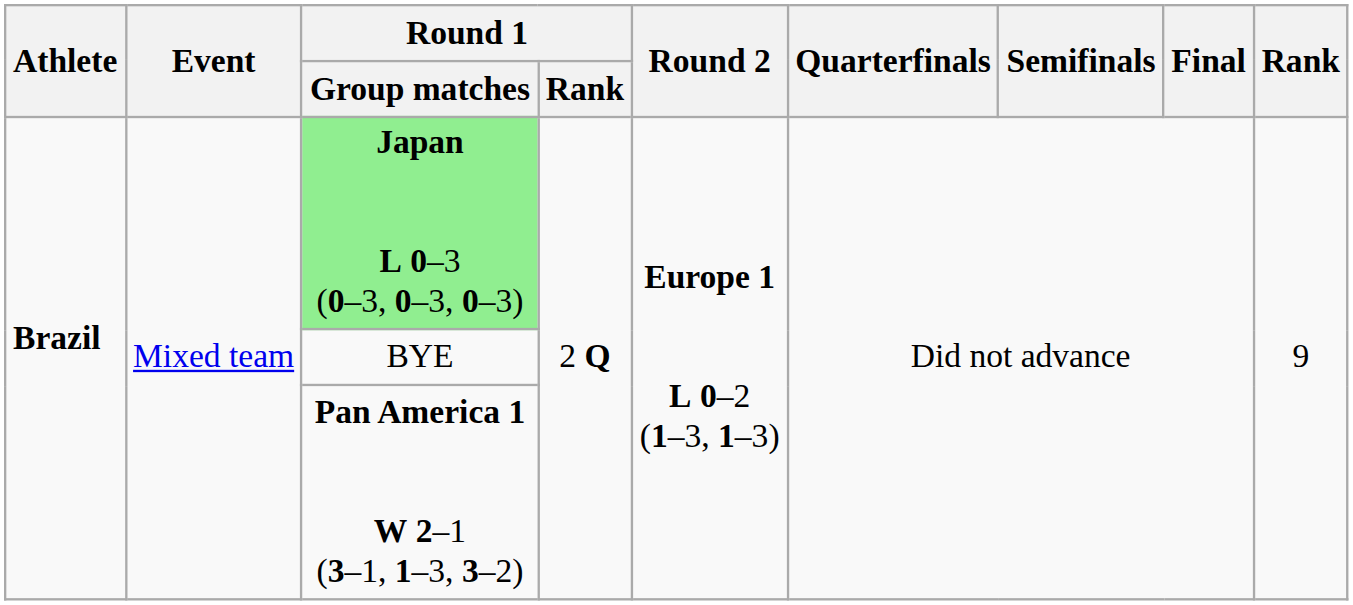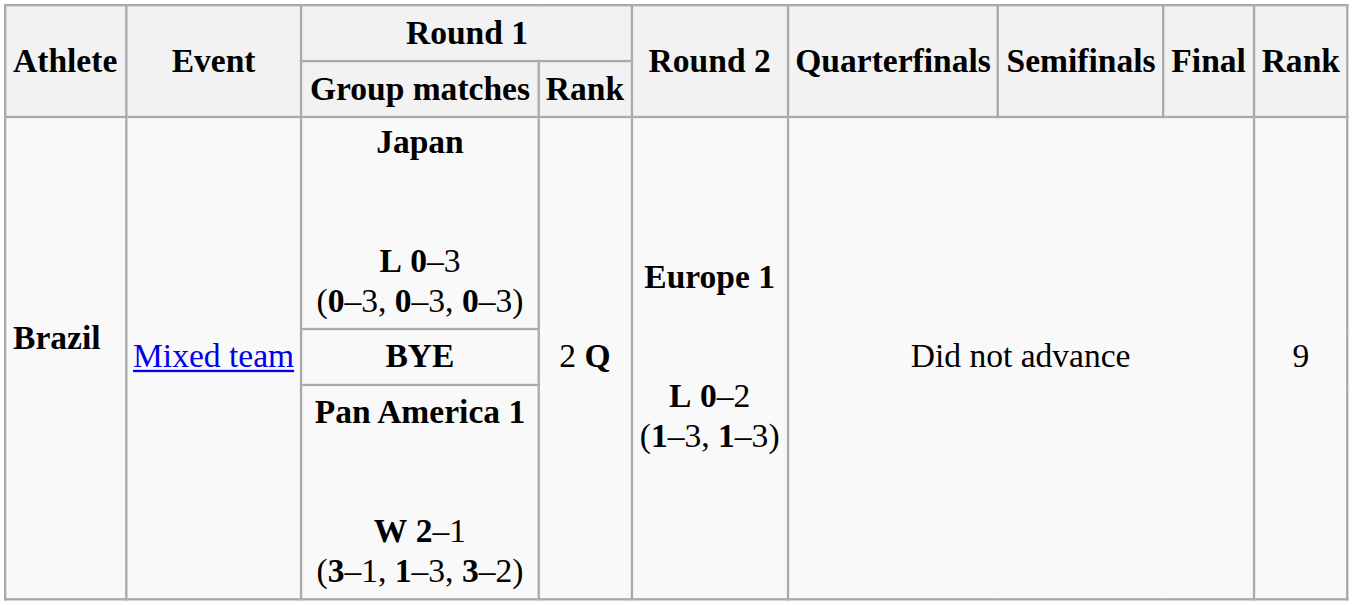 <table class="wikitable" border="1" style="font-size:90%">
 <tr>
 <th rowspan=2>Athlete</th>
 <th rowspan=2>Event</th>
 <th colspan=2>Round 1</th>
 <th rowspan=2>Round 2</th>
 <th rowspan=2>Quarterfinals</th>
 <th rowspan=2>Semifinals</th>
 <th rowspan=2>Final</th>
 <th rowspan=2>Rank</th>
 </tr>
 <tr>
 <th>Group matches</th>
 <th>Rank</th>
 </tr>
 <tr>
 <td rowspan=3><strong>Brazil</strong><br><br></td>
 <td rowspan=3><a href='#'>Mixed team</a></td>
-<td align=center style="background: lightgreen;"><strong>Japan</strong><br><br><br> <strong>L</strong> <strong>0</strong>–3 <br> (<strong>0</strong>–3, <strong>0</strong>–3, <strong>0</strong>–3)</td>
+<td align=center><strong>Japan</strong><br><br><br> <strong>L</strong> <strong>0</strong>–3 <br> (<strong>0</strong>–3, <strong>0</strong>–3, <strong>0</strong>–3)</td>
 <td rowspan=3 align=center>2 <strong>Q</strong></td>
 <td align=center rowspan=3><strong>Europe 1</strong><br><br><br> <strong>L</strong> <strong>0</strong>–2 <br> (<strong>1</strong>–3, <strong>1</strong>–3)</td>
 <td rowspan=3 colspan=3 align=center>Did not advance</td>
 <td rowspan=3 align=center>9</td>
 </tr>
 <tr>
-<td align=center>BYE</td>
+<td align=center><strong>BYE</strong></td>
 </tr>
 <tr>
 <td align=center><strong>Pan America 1</strong><br><br><br> <strong>W</strong> <strong>2</strong>–1 <br> (<strong>3</strong>–1, <strong>1</strong>–3, <strong>3</strong>–2)</td>
 </tr>
 </table>
